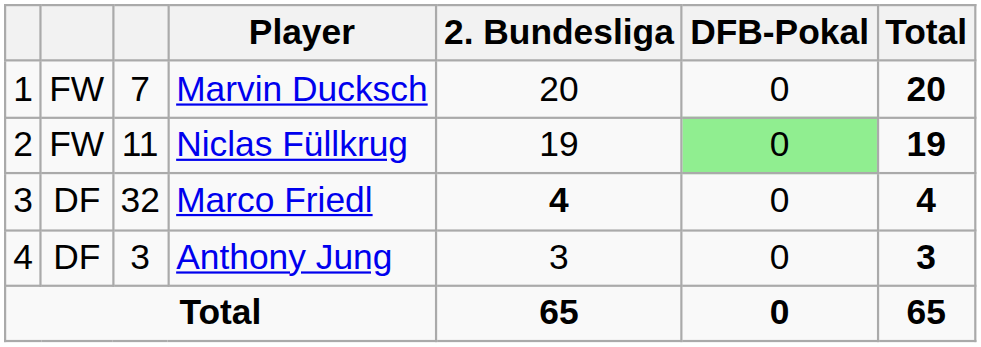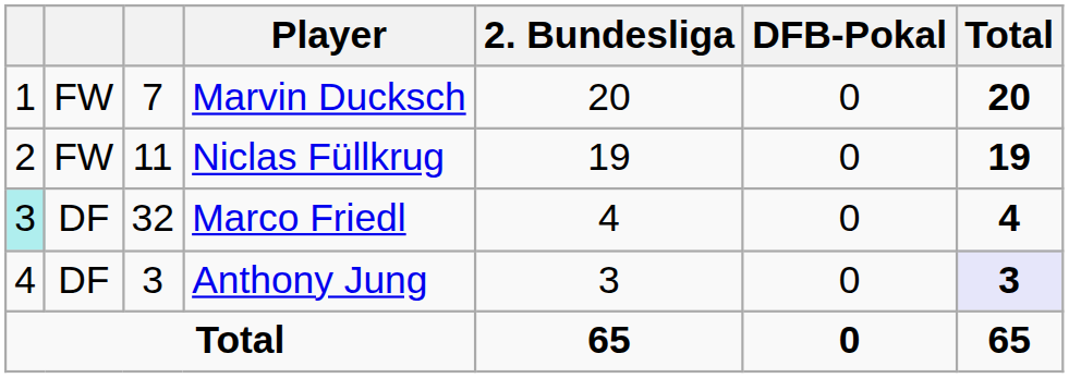 <table class="wikitable sortable" style="text-align:center">
 <tr>
 <th></th>
 <th></th>
 <th></th>
 <th>Player</th>
 <th>2. Bundesliga</th>
 <th>DFB-Pokal</th>
 <th><strong>Total</strong></th>
 </tr>
 <tr>
 <td>1</td>
 <td>FW</td>
 <td>7</td>
 <td style="text-align:left;"> <a href='#'>Marvin Ducksch</a></td>
 <td>20</td>
 <td>0</td>
 <td><strong>20</strong></td>
 </tr>
 <tr>
 <td>2</td>
 <td>FW</td>
 <td>11</td>
 <td style="text-align:left;"> <a href='#'>Niclas Füllkrug</a></td>
 <td>19</td>
-<td style="background: lightgreen;">0</td>
+<td>0</td>
 <td><strong>19</strong></td>
 </tr>
 <tr>
-<td>3</td>
+<td style="background: paleturquoise;">3</td>
 <td>DF</td>
 <td>32</td>
 <td style="text-align:left;"> <a href='#'>Marco Friedl</a></td>
-<td><strong>4</strong></td>
+<td>4</td>
 <td>0</td>
 <td><strong>4</strong></td>
 </tr>
 <tr>
 <td>4</td>
 <td>DF</td>
 <td>3</td>
 <td style="text-align:left;"> <a href='#'>Anthony Jung</a></td>
 <td>3</td>
 <td>0</td>
-<td><strong>3</strong></td>
+<td style="background: lavender;"><strong>3</strong></td>
 </tr>
 <tr class="sortbottom">
 <td colspan="4"><strong>Total</strong></td>
 <td><strong>65</strong></td>
 <td><strong>0</strong></td>
 <td><strong>65</strong></td>
 </tr>
 </table>
